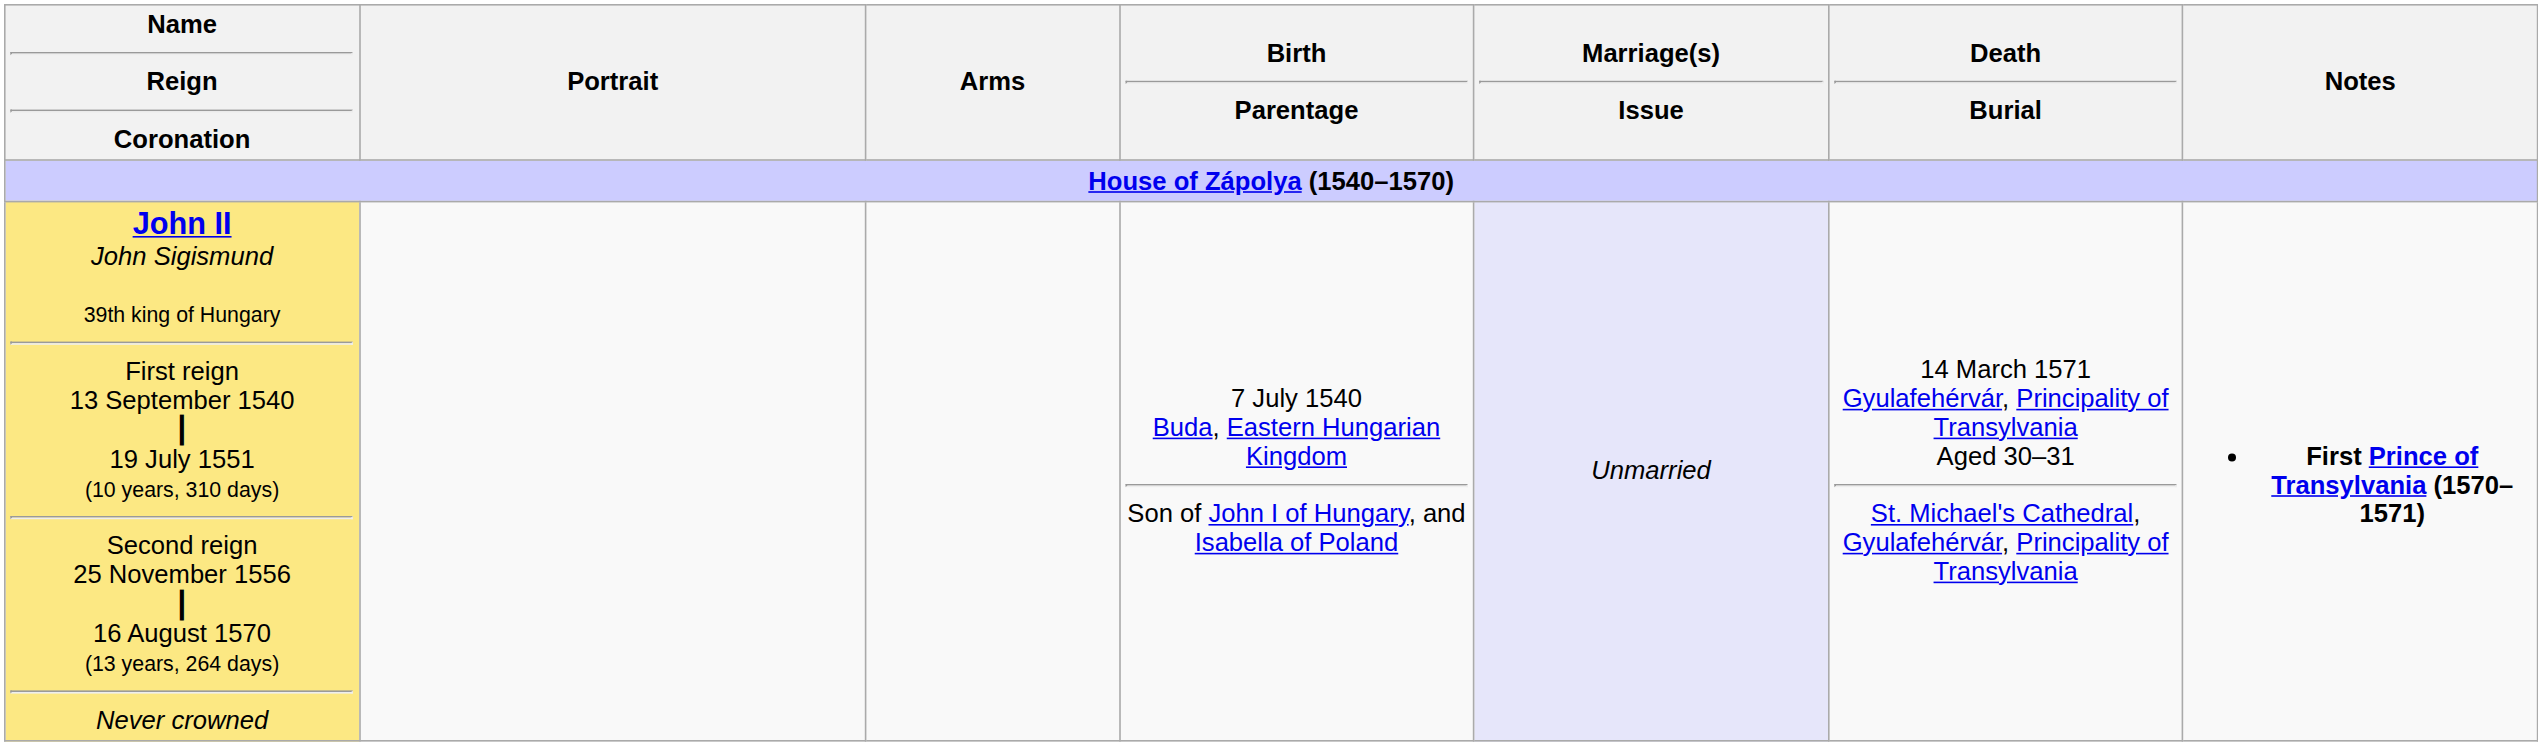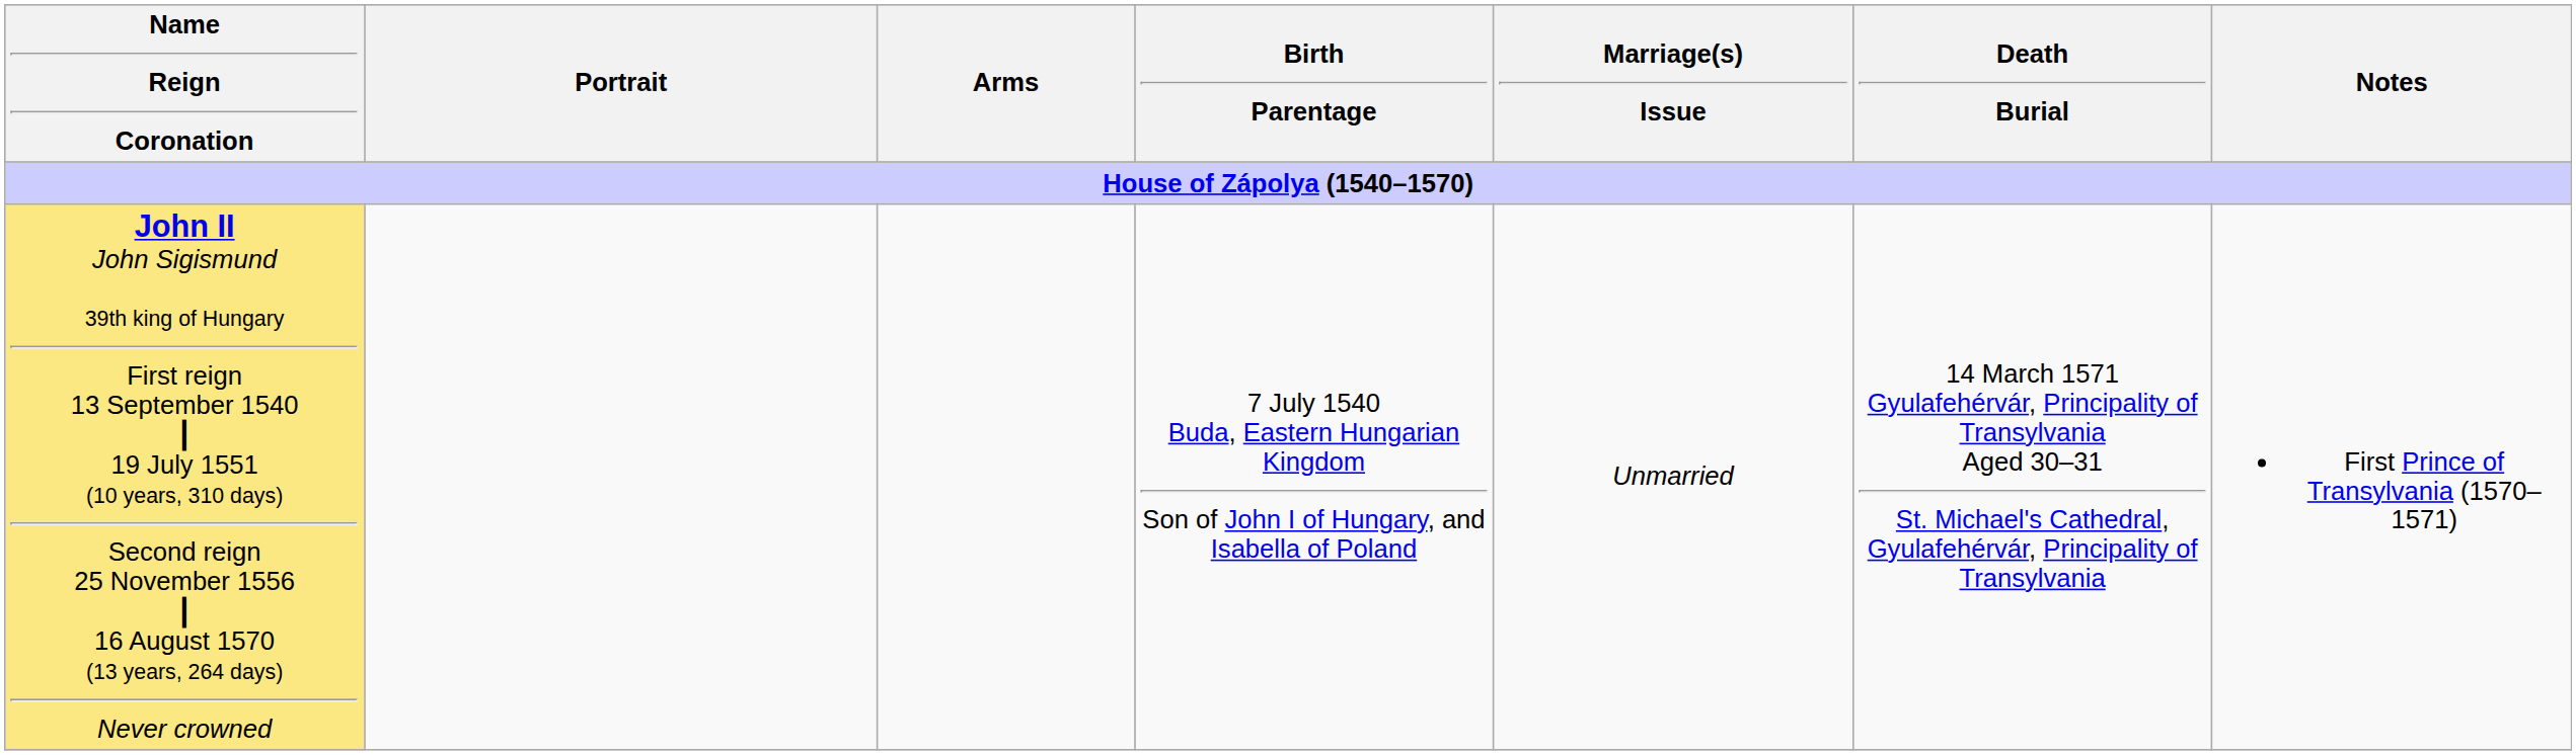 <table class="wikitable" style="text-align:Center; width:100%">
 <tr>
 <th width="14%">Name<hr>Reign<hr>Coronation</th>
 <th width="20%">Portrait</th>
 <th width="10%">Arms</th>
 <th width="14%">Birth<hr>Parentage</th>
 <th width="14%">Marriage(s)<hr>Issue</th>
 <th width="14%">Death<hr>Burial</th>
 <th width="14%">Notes</th>
 </tr>
 <tr>
 <th colspan="7" style="background:#ccccff"><a href='#'>House of Zápolya</a> (1540–1570)</th>
 </tr>
 <tr>
 <td style="background:#FCE883"><strong><a href='#'><big>John II</big></a></strong><br><em>John Sigismund</em><br><small></small><br><small>39th king of Hungary</small><hr>First reign<br>13 September 1540<br>┃<br>19 July 1551<br><small>(10 years, 310 days)</small><hr>Second reign<br>25 November 1556<br>┃<br>16 August 1570<br><small>(13 years, 264 days)</small><hr><em>Never crowned</em></td>
 <td></td>
 <td></td>
 <td>7 July 1540<br><a href='#'>Buda</a>, <a href='#'>Eastern Hungarian Kingdom</a><hr>Son of <a href='#'>John I of Hungary</a>, and <a href='#'>Isabella of Poland</a></td>
-<td style="background: lavender;"><em>Unmarried</em></td>
+<td><em>Unmarried</em></td>
 <td>14 March 1571<br><a href='#'>Gyulafehérvár</a>, <a href='#'>Principality of Transylvania</a><br>Aged 30–31<hr><a href='#'>St. Michael's Cathedral</a>, <a href='#'>Gyulafehérvár</a>, <a href='#'>Principality of Transylvania</a></td>
-<td><strong><br><ul><li>First <a href='#'>Prince of Transylvania</a> (1570–1571)</li></ul></strong></td>
+<td><br><ul><li>First <a href='#'>Prince of Transylvania</a> (1570–1571)</li></ul></td>
 </tr>
 </table>
